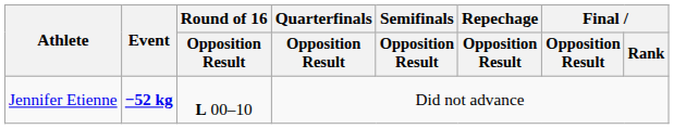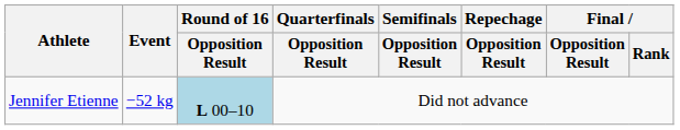 <table class="wikitable" style="font-size:90%">
 <tr>
 <th rowspan=2>Athlete</th>
 <th rowspan=2>Event</th>
 <th>Round of 16</th>
 <th>Quarterfinals</th>
 <th>Semifinals</th>
 <th>Repechage</th>
 <th colspan=2>Final / </th>
 </tr>
 <tr style="font-size:95%">
 <th>Opposition<br>Result</th>
 <th>Opposition<br>Result</th>
 <th>Opposition<br>Result</th>
 <th>Opposition<br>Result</th>
 <th>Opposition<br>Result</th>
 <th>Rank</th>
 </tr>
 <tr align=center>
 <td align=left><a href='#'>Jennifer Etienne</a></td>
-<td align=left><strong><a href='#'>−52 kg</a></strong></td>
-<td><br><strong>L</strong> 00–10</td>
+<td align=left><a href='#'>−52 kg</a></td>
+<td style="background: lightblue;"><br><strong>L</strong> 00–10</td>
 <td colspan=5>Did not advance</td>
 </tr>
 </table>
